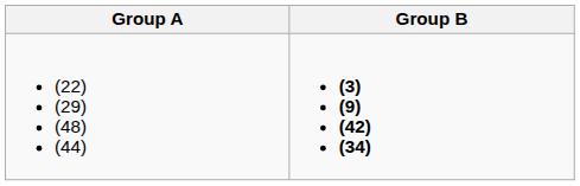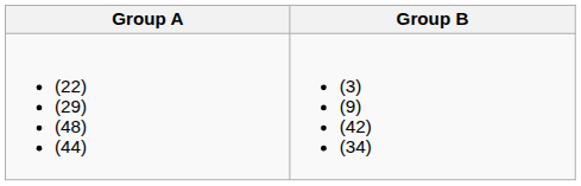 <table class=wikitable width=40%>
 <tr>
 <th width=15%>Group A</th>
 <th width=15%>Group B</th>
 </tr>
 <tr>
 <td><br><ul><li> (22)</li><li> (29)</li><li> (48)</li><li> (44)</li></ul></td>
-<td><strong><br><ul><li> (3)</li><li> (9)</li><li> (42)</li><li> (34)</li></ul></strong></td>
+<td><br><ul><li> (3)</li><li> (9)</li><li> (42)</li><li> (34)</li></ul></td>
 </tr>
 </table>
